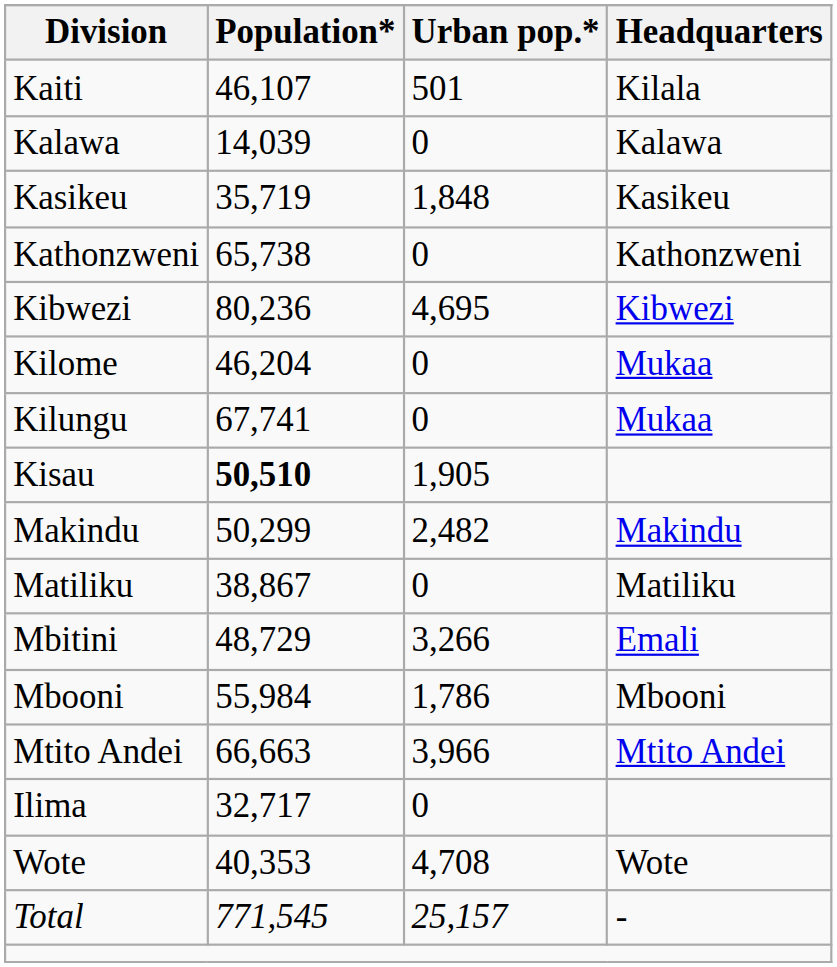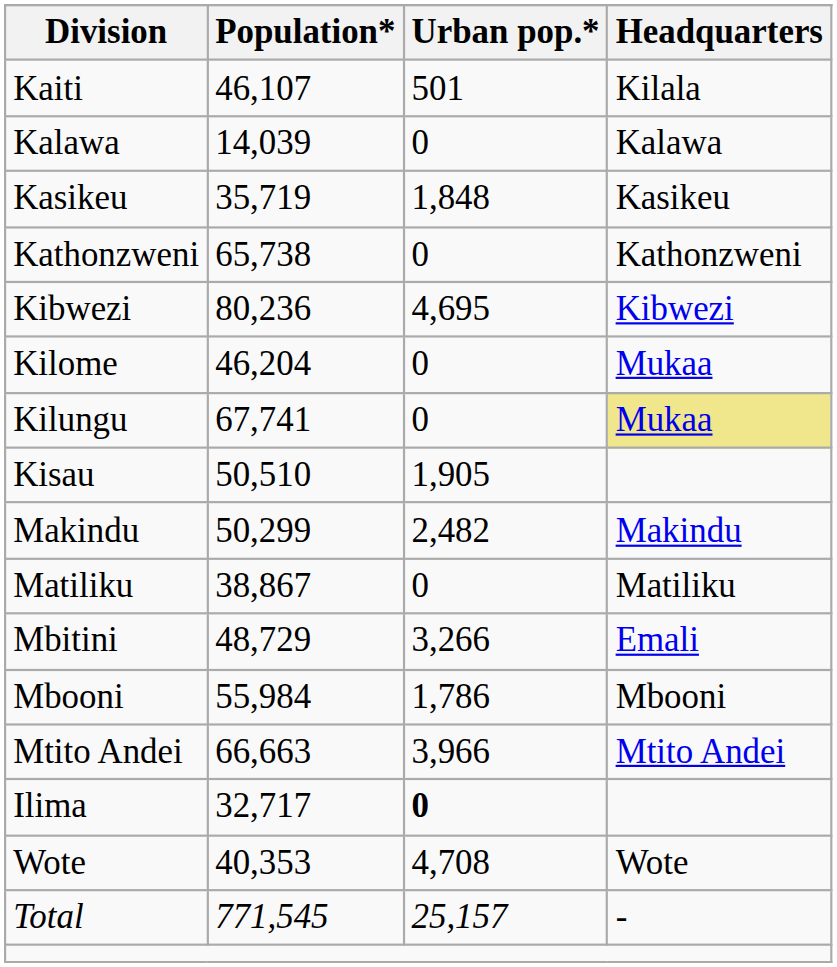 <table class="wikitable">
 <tr>
 </tr>
 <tr>
 <th>Division</th>
 <th>Population*</th>
 <th>Urban pop.*</th>
 <th>Headquarters</th>
 </tr>
 <tr>
 <td>Kaiti</td>
 <td>46,107</td>
 <td>501</td>
 <td>Kilala</td>
 </tr>
 <tr>
 <td>Kalawa</td>
 <td>14,039</td>
 <td>0</td>
 <td>Kalawa</td>
 </tr>
 <tr>
 <td>Kasikeu</td>
 <td>35,719</td>
 <td>1,848</td>
 <td>Kasikeu</td>
 </tr>
 <tr>
 <td>Kathonzweni</td>
 <td>65,738</td>
 <td>0</td>
 <td>Kathonzweni</td>
 </tr>
 <tr>
 <td>Kibwezi</td>
 <td>80,236</td>
 <td>4,695</td>
 <td><a href='#'>Kibwezi</a></td>
 </tr>
 <tr>
 <td>Kilome</td>
 <td>46,204</td>
 <td>0</td>
 <td><a href='#'>Mukaa</a></td>
 </tr>
 <tr>
 <td>Kilungu</td>
 <td>67,741</td>
 <td>0</td>
-<td><a href='#'>Mukaa</a></td>
+<td style="background: khaki;"><a href='#'>Mukaa</a></td>
 </tr>
 <tr>
 <td>Kisau</td>
-<td><strong>50,510</strong></td>
+<td>50,510</td>
 <td>1,905</td>
 <td></td>
 </tr>
 <tr>
 <td>Makindu</td>
 <td>50,299</td>
 <td>2,482</td>
 <td><a href='#'>Makindu</a></td>
 </tr>
 <tr>
 <td>Matiliku</td>
 <td>38,867</td>
 <td>0</td>
 <td>Matiliku</td>
 </tr>
 <tr>
 <td>Mbitini</td>
 <td>48,729</td>
 <td>3,266</td>
 <td><a href='#'>Emali</a></td>
 </tr>
 <tr>
 <td>Mbooni</td>
 <td>55,984</td>
 <td>1,786</td>
 <td>Mbooni</td>
 </tr>
 <tr>
 <td>Mtito Andei</td>
 <td>66,663</td>
 <td>3,966</td>
 <td><a href='#'>Mtito Andei</a></td>
 </tr>
 <tr>
 <td>Ilima</td>
 <td>32,717</td>
-<td>0</td>
+<td><strong>0</strong></td>
 <td></td>
 </tr>
 <tr>
 <td>Wote</td>
 <td>40,353</td>
 <td>4,708</td>
 <td>Wote</td>
 </tr>
 <tr>
 <td><em>Total</em></td>
 <td><em>771,545</em></td>
 <td><em>25,157</em></td>
 <td>-</td>
 </tr>
 <tr>
 <td colspan=4></td>
 </tr>
 </table>
